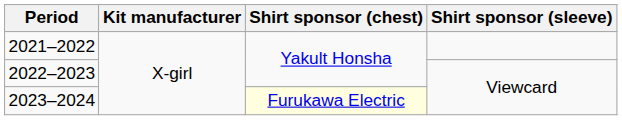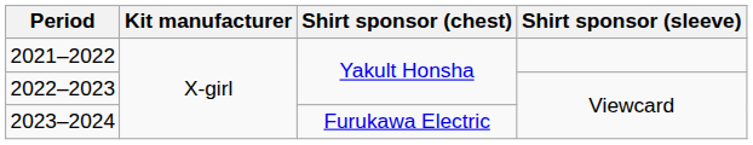 <table class="wikitable" style="text-align:center">
 <tr>
 <th>Period</th>
 <th>Kit manufacturer</th>
 <th>Shirt sponsor (chest)</th>
 <th>Shirt sponsor (sleeve)</th>
 </tr>
 <tr>
 <td>2021–2022</td>
 <td rowspan="3">X-girl</td>
 <td rowspan="2"><a href='#'>Yakult Honsha</a></td>
 <td></td>
 </tr>
 <tr>
 <td>2022–2023</td>
 <td rowspan="2">Viewcard</td>
 </tr>
 <tr>
 <td>2023–2024</td>
-<td style="background: lightyellow;"><a href='#'>Furukawa Electric</a></td>
+<td><a href='#'>Furukawa Electric</a></td>
 </tr>
 </table>
